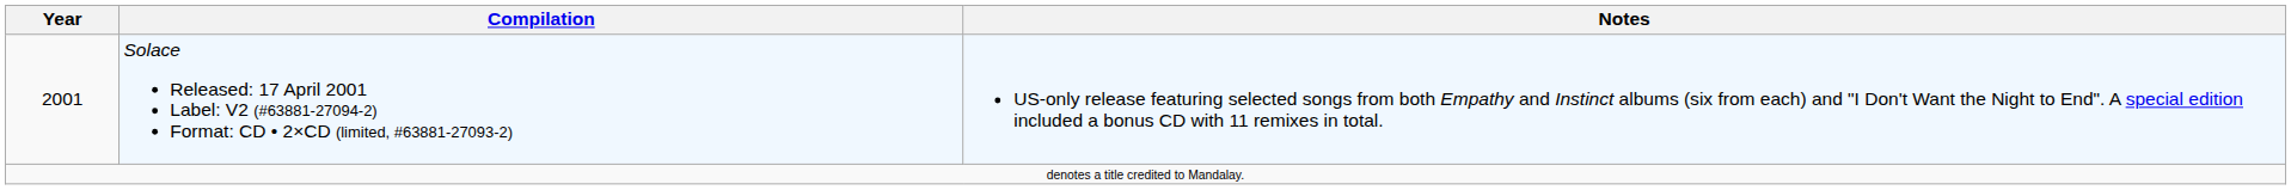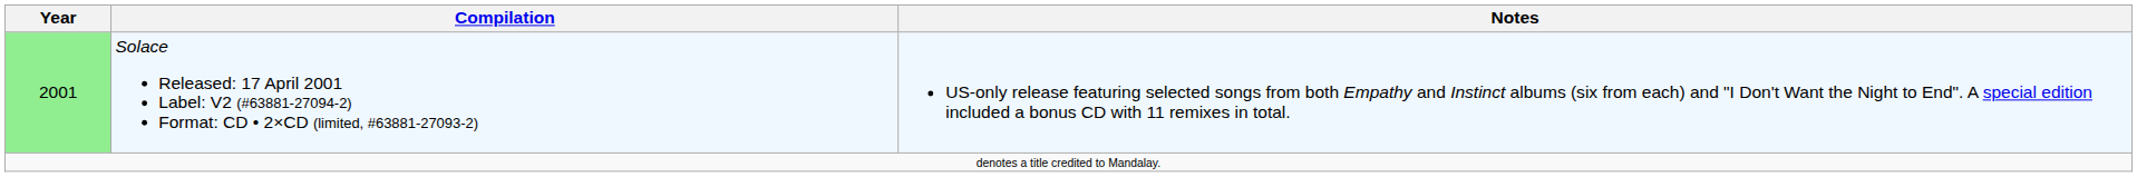 <table class=wikitable style="text-align:left">
 <tr>
 <th width=5%>Year</th>
 <th width=37%><a href='#'>Compilation</a></th>
 <th width=58%>Notes</th>
 </tr>
 <tr>
-<td align=center>2001</td>
+<td align=center style="background: lightgreen;">2001</td>
 <td bgcolor=F0F8FF><em>Solace</em><br><ul><li>Released: 17 April 2001</li><li>Label: V2 <small>(#63881-27094-2)</small></li><li>Format: CD • 2×CD <small>(limited, #63881-27093-2)</small></li></ul></td>
 <td bgcolor=F0F8FF><br><ul><li>US-only release featuring selected songs from both <em>Empathy</em> and <em>Instinct</em> albums (six from each) and "I Don't Want the Night to End". A <a href='#'>special edition</a> included a bonus CD with 11 remixes in total.</li></ul></td>
 </tr>
 <tr>
 <td width=100% colspan=6 style="font-size:8pt; text-align:center"> denotes a title credited to Mandalay.</td>
 </tr>
 </table>
